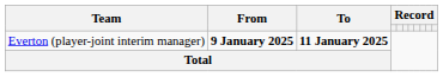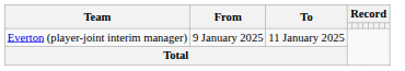 <table class=wikitable style=text-align:center>
 <tr>
 <th rowspan="2">Team</th>
 <th rowspan="2">From</th>
 <th rowspan="2">To</th>
 <th colspan="8">Record</th>
 </tr>
 <tr>
 <th></th>
 <th></th>
 <th></th>
 <th></th>
 <th></th>
 <th></th>
 <th></th>
 <th></th>
 </tr>
 <tr>
 <td align=left><a href='#'>Everton</a> (player-joint interim manager)</td>
-<td align=left><strong>9 January 2025</strong></td>
-<td align=left><strong>11 January 2025<br></strong></td>
+<td align=left>9 January 2025</td>
+<td align=left>11 January 2025<br></td>
 </tr>
 <tr>
 <th colspan="3">Total<br></th>
 </tr>
 </table>
